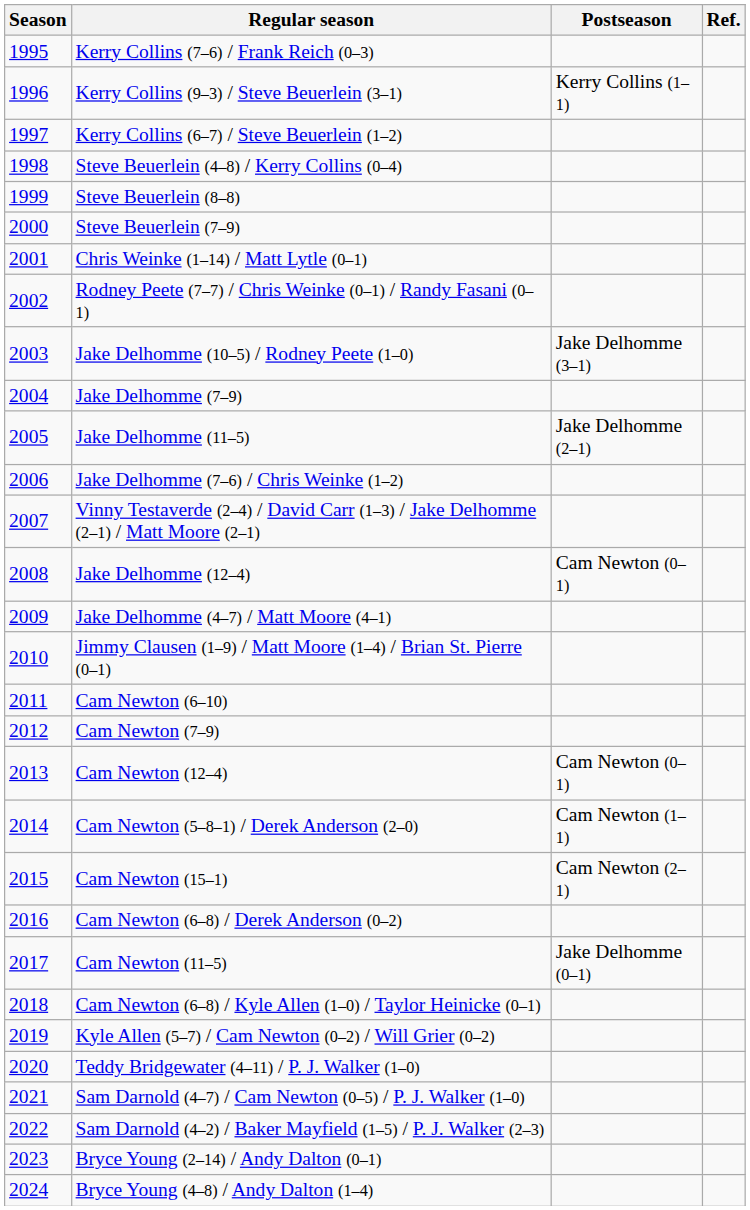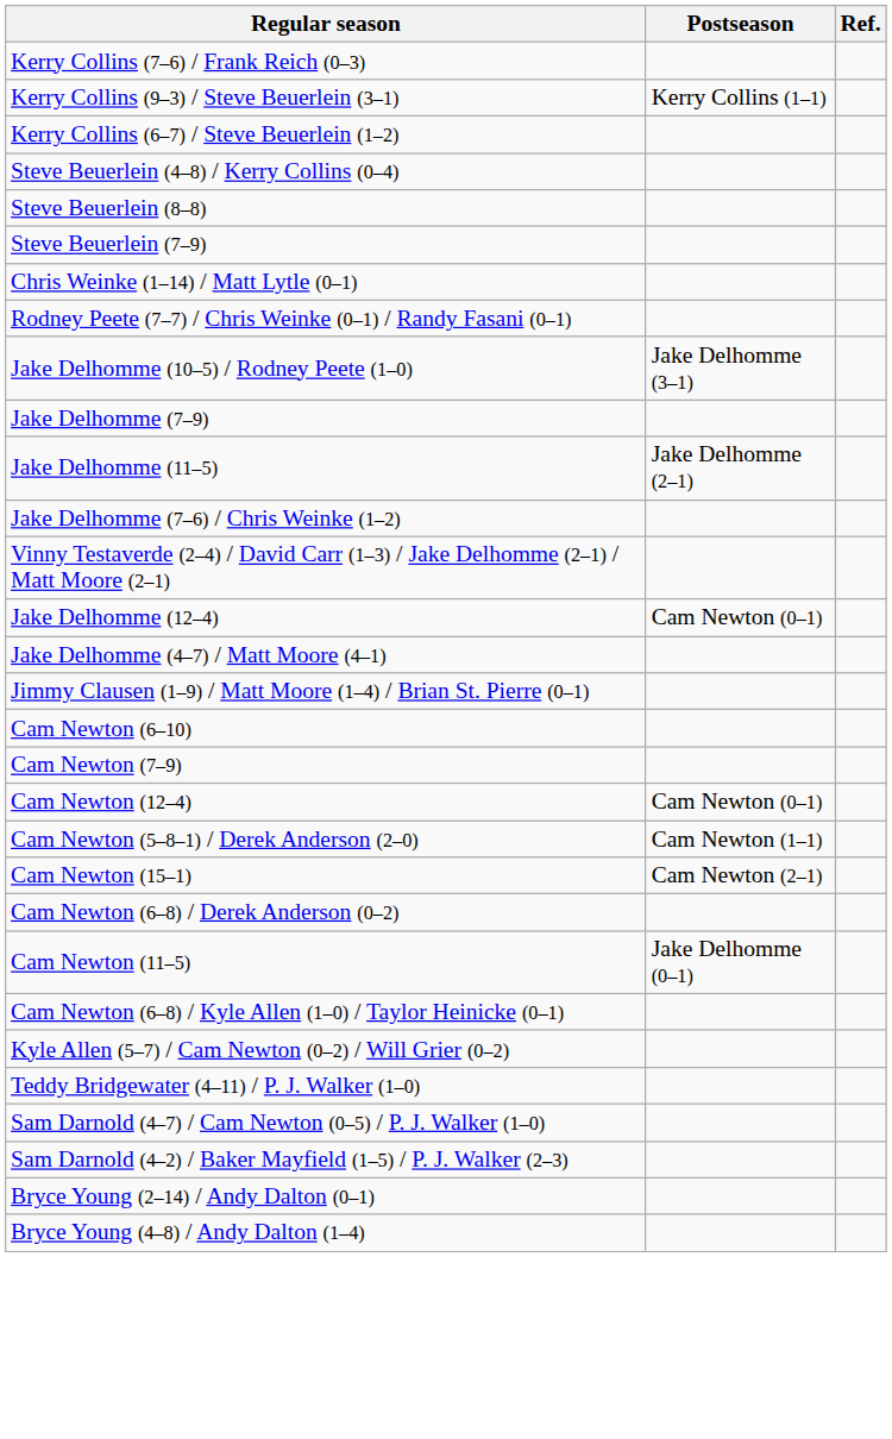 <table class="wikitable">
 <tr>
-<th>Season</th>
 <th>Regular season</th>
 <th>Postseason</th>
 <th>Ref.</th>
 </tr>
 <tr>
-<td><a href='#'>1995</a></td>
 <td><a href='#'>Kerry Collins</a> <small>(7–6)</small> / <a href='#'>Frank Reich</a> <small>(0–3)</small></td>
 <td></td>
 <td></td>
 </tr>
 <tr>
-<td><a href='#'>1996</a></td>
 <td><a href='#'>Kerry Collins</a> <small>(9–3)</small> / <a href='#'>Steve Beuerlein</a> <small>(3–1)</small></td>
 <td>Kerry Collins <small>(1–1)</small></td>
 <td></td>
 </tr>
 <tr>
-<td><a href='#'>1997</a></td>
 <td><a href='#'>Kerry Collins</a> <small>(6–7)</small> / <a href='#'>Steve Beuerlein</a> <small>(1–2)</small></td>
 <td></td>
 <td></td>
 </tr>
 <tr>
-<td><a href='#'>1998</a></td>
 <td><a href='#'>Steve Beuerlein</a> <small>(4–8)</small> / <a href='#'>Kerry Collins</a> <small>(0–4)</small></td>
 <td></td>
 <td></td>
 </tr>
 <tr>
-<td><a href='#'>1999</a></td>
 <td><a href='#'>Steve Beuerlein</a> <small>(8–8)</small></td>
 <td></td>
 <td></td>
 </tr>
 <tr>
-<td><a href='#'>2000</a></td>
 <td><a href='#'>Steve Beuerlein</a> <small>(7–9)</small></td>
 <td></td>
 <td></td>
 </tr>
 <tr>
-<td><a href='#'>2001</a></td>
 <td><a href='#'>Chris Weinke</a> <small>(1–14)</small> / <a href='#'>Matt Lytle</a> <small>(0–1)</small></td>
 <td></td>
 <td></td>
 </tr>
 <tr>
-<td><a href='#'>2002</a></td>
 <td><a href='#'>Rodney Peete</a> <small>(7–7)</small> / <a href='#'>Chris Weinke</a> <small>(0–1)</small> / <a href='#'>Randy Fasani</a> <small>(0–1)</small></td>
 <td></td>
 <td></td>
 </tr>
 <tr>
-<td><a href='#'>2003</a></td>
 <td><a href='#'>Jake Delhomme</a> <small>(10–5)</small> / <a href='#'>Rodney Peete</a> <small>(1–0)</small></td>
 <td>Jake Delhomme <small>(3–1)</small></td>
 <td></td>
 </tr>
 <tr>
-<td><a href='#'>2004</a></td>
 <td><a href='#'>Jake Delhomme</a> <small>(7–9)</small></td>
 <td></td>
 <td></td>
 </tr>
 <tr>
-<td><a href='#'>2005</a></td>
 <td><a href='#'>Jake Delhomme</a> <small>(11–5)</small></td>
 <td>Jake Delhomme <small>(2–1)</small></td>
 <td></td>
 </tr>
 <tr>
-<td><a href='#'>2006</a></td>
 <td><a href='#'>Jake Delhomme</a> <small>(7–6)</small> / <a href='#'>Chris Weinke</a> <small>(1–2)</small></td>
 <td></td>
 <td></td>
 </tr>
 <tr>
-<td><a href='#'>2007</a></td>
 <td><a href='#'>Vinny Testaverde</a> <small>(2–4)</small> / <a href='#'>David Carr</a> <small>(1–3)</small> / <a href='#'>Jake Delhomme</a> <small>(2–1)</small> / <a href='#'>Matt Moore</a> <small>(2–1)</small></td>
 <td></td>
 <td></td>
 </tr>
 <tr>
-<td><a href='#'>2008</a></td>
 <td><a href='#'>Jake Delhomme</a> <small>(12–4)</small></td>
 <td>Cam Newton <small>(0–1)</small></td>
 <td></td>
 </tr>
 <tr>
-<td><a href='#'>2009</a></td>
 <td><a href='#'>Jake Delhomme</a> <small>(4–7)</small> / <a href='#'>Matt Moore</a> <small>(4–1)</small></td>
 <td></td>
 <td></td>
 </tr>
 <tr>
-<td><a href='#'>2010</a></td>
 <td><a href='#'>Jimmy Clausen</a> <small>(1–9)</small> / <a href='#'>Matt Moore</a> <small>(1–4)</small> / <a href='#'>Brian St. Pierre</a> <small>(0–1)</small></td>
 <td></td>
 <td></td>
 </tr>
 <tr>
-<td><a href='#'>2011</a></td>
 <td><a href='#'>Cam Newton</a> <small>(6–10)</small></td>
 <td></td>
 <td></td>
 </tr>
 <tr>
-<td><a href='#'>2012</a></td>
 <td><a href='#'>Cam Newton</a> <small>(7–9)</small></td>
 <td></td>
 <td></td>
 </tr>
 <tr>
-<td><a href='#'>2013</a></td>
 <td><a href='#'>Cam Newton</a> <small>(12–4)</small></td>
 <td>Cam Newton <small>(0–1)</small></td>
 <td></td>
 </tr>
 <tr>
-<td><a href='#'>2014</a></td>
 <td><a href='#'>Cam Newton</a> <small>(5–8–1)</small> / <a href='#'>Derek Anderson</a> <small>(2–0)</small></td>
 <td>Cam Newton <small>(1–1)</small></td>
 <td></td>
 </tr>
 <tr>
-<td><a href='#'>2015</a></td>
 <td><a href='#'>Cam Newton</a> <small>(15–1)</small></td>
 <td>Cam Newton <small>(2–1)</small></td>
 <td></td>
 </tr>
 <tr>
-<td><a href='#'>2016</a></td>
 <td><a href='#'>Cam Newton</a> <small>(6–8)</small> / <a href='#'>Derek Anderson</a> <small>(0–2)</small></td>
 <td></td>
 <td></td>
 </tr>
 <tr>
-<td><a href='#'>2017</a></td>
 <td><a href='#'>Cam Newton</a> <small>(11–5)</small></td>
 <td>Jake Delhomme <small>(0–1)</small></td>
 <td></td>
 </tr>
 <tr>
-<td><a href='#'>2018</a></td>
 <td><a href='#'>Cam Newton</a> <small>(6–8)</small> / <a href='#'>Kyle Allen</a> <small>(1–0)</small> / <a href='#'>Taylor Heinicke</a> <small>(0–1)</small></td>
 <td></td>
 <td></td>
 </tr>
 <tr>
-<td><a href='#'>2019</a></td>
 <td><a href='#'>Kyle Allen</a> <small>(5–7)</small> / <a href='#'>Cam Newton</a> <small>(0–2)</small> / <a href='#'>Will Grier</a> <small>(0–2)</small></td>
 <td></td>
 <td></td>
 </tr>
 <tr>
-<td><a href='#'>2020</a></td>
 <td><a href='#'>Teddy Bridgewater</a> <small>(4–11)</small> / <a href='#'>P. J. Walker</a> <small>(1–0)</small></td>
 <td></td>
 <td></td>
 </tr>
 <tr>
-<td><a href='#'>2021</a></td>
 <td><a href='#'>Sam Darnold</a> <small>(4–7)</small> / <a href='#'>Cam Newton</a> <small>(0–5)</small> / <a href='#'>P. J. Walker</a> <small>(1–0)</small></td>
 <td></td>
 <td></td>
 </tr>
 <tr>
-<td><a href='#'>2022</a></td>
 <td><a href='#'>Sam Darnold</a> <small>(4–2)</small> / <a href='#'>Baker Mayfield</a> <small>(1–5)</small> / <a href='#'>P. J. Walker</a> <small>(2–3)</small></td>
 <td></td>
 <td></td>
 </tr>
 <tr>
-<td><a href='#'>2023</a></td>
 <td><a href='#'>Bryce Young</a> <small>(2–14)</small> / <a href='#'>Andy Dalton</a> <small>(0–1)</small></td>
 <td></td>
 <td></td>
 </tr>
 <tr>
-<td><a href='#'>2024</a></td>
 <td><a href='#'>Bryce Young</a> <small>(4–8)</small> / <a href='#'>Andy Dalton</a> <small>(1–4)</small></td>
 <td></td>
 <td></td>
 </tr>
 </table>
